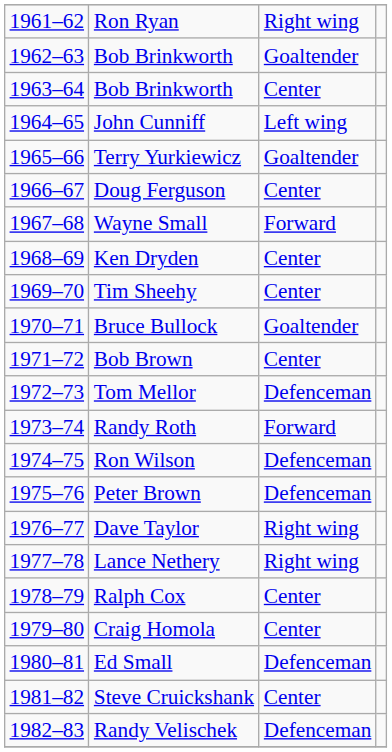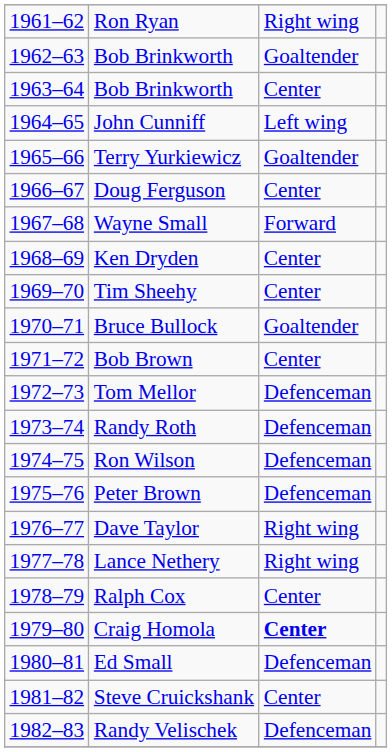 <table class="wikitable sortable">
 <tr>
 </tr>
 <tr>
 <td><a href='#'>1961–62</a></td>
 <td><a href='#'>Ron Ryan</a></td>
 <td><a href='#'>Right wing</a></td>
 <td><strong><a href='#'></a></strong></td>
 </tr>
 <tr>
 <td><a href='#'>1962–63</a></td>
 <td><a href='#'>Bob Brinkworth</a></td>
 <td><a href='#'>Goaltender</a></td>
 <td><strong><a href='#'></a></strong></td>
 </tr>
 <tr>
 <td><a href='#'>1963–64</a></td>
 <td><a href='#'>Bob Brinkworth</a></td>
 <td><a href='#'>Center</a></td>
 <td><strong><a href='#'></a></strong></td>
 </tr>
 <tr>
 <td><a href='#'>1964–65</a></td>
 <td><a href='#'>John Cunniff</a></td>
 <td><a href='#'>Left wing</a></td>
 <td><strong><a href='#'></a></strong></td>
 </tr>
 <tr>
 <td><a href='#'>1965–66</a></td>
 <td><a href='#'>Terry Yurkiewicz</a></td>
 <td><a href='#'>Goaltender</a></td>
 <td><strong><a href='#'></a></strong></td>
 </tr>
 <tr>
 <td><a href='#'>1966–67</a></td>
 <td><a href='#'>Doug Ferguson</a></td>
 <td><a href='#'>Center</a></td>
 <td><strong><a href='#'></a></strong></td>
 </tr>
 <tr>
 <td><a href='#'>1967–68</a></td>
 <td><a href='#'>Wayne Small</a></td>
 <td><a href='#'>Forward</a></td>
 <td><strong><a href='#'></a></strong></td>
 </tr>
 <tr>
 <td><a href='#'>1968–69</a></td>
 <td><a href='#'>Ken Dryden</a></td>
 <td><a href='#'>Center</a></td>
 <td><strong><a href='#'></a></strong></td>
 </tr>
 <tr>
 <td><a href='#'>1969–70</a></td>
 <td><a href='#'>Tim Sheehy</a></td>
 <td><a href='#'>Center</a></td>
 <td><strong><a href='#'></a></strong></td>
 </tr>
 <tr>
 <td><a href='#'>1970–71</a></td>
 <td><a href='#'>Bruce Bullock</a></td>
 <td><a href='#'>Goaltender</a></td>
 <td><strong><a href='#'></a></strong></td>
 </tr>
 <tr>
 <td><a href='#'>1971–72</a></td>
 <td><a href='#'>Bob Brown</a></td>
 <td><a href='#'>Center</a></td>
 <td><strong><a href='#'></a></strong></td>
 </tr>
 <tr>
 <td><a href='#'>1972–73</a></td>
 <td><a href='#'>Tom Mellor</a></td>
 <td><a href='#'>Defenceman</a></td>
 <td><strong><a href='#'></a></strong></td>
 </tr>
 <tr>
 <td><a href='#'>1973–74</a></td>
 <td><a href='#'>Randy Roth</a></td>
-<td><a href='#'>Forward</a></td>
+<td><a href='#'>Defenceman</a></td>
 <td><strong><a href='#'></a></strong></td>
 </tr>
 <tr>
 <td><a href='#'>1974–75</a></td>
 <td><a href='#'>Ron Wilson</a></td>
 <td><a href='#'>Defenceman</a></td>
 <td><strong><a href='#'></a></strong></td>
 </tr>
 <tr>
 <td><a href='#'>1975–76</a></td>
 <td><a href='#'>Peter Brown</a></td>
 <td><a href='#'>Defenceman</a></td>
 <td><strong><a href='#'></a></strong></td>
 </tr>
 <tr>
 <td><a href='#'>1976–77</a></td>
 <td><a href='#'>Dave Taylor</a></td>
 <td><a href='#'>Right wing</a></td>
 <td><strong><a href='#'></a></strong></td>
 </tr>
 <tr>
 <td><a href='#'>1977–78</a></td>
 <td><a href='#'>Lance Nethery</a></td>
 <td><a href='#'>Right wing</a></td>
 <td><strong><a href='#'></a></strong></td>
 </tr>
 <tr>
 <td><a href='#'>1978–79</a></td>
 <td><a href='#'>Ralph Cox</a></td>
 <td><a href='#'>Center</a></td>
 <td><strong><a href='#'></a></strong></td>
 </tr>
 <tr>
 <td><a href='#'>1979–80</a></td>
 <td><a href='#'>Craig Homola</a></td>
-<td><a href='#'>Center</a></td>
+<td><strong><a href='#'>Center</a></strong></td>
 <td><strong><a href='#'></a></strong></td>
 </tr>
 <tr>
 <td><a href='#'>1980–81</a></td>
 <td><a href='#'>Ed Small</a></td>
 <td><a href='#'>Defenceman</a></td>
 <td><strong><a href='#'></a></strong></td>
 </tr>
 <tr>
 <td><a href='#'>1981–82</a></td>
 <td><a href='#'>Steve Cruickshank</a></td>
 <td><a href='#'>Center</a></td>
 <td><strong><a href='#'></a></strong></td>
 </tr>
 <tr>
 <td><a href='#'>1982–83</a></td>
 <td><a href='#'>Randy Velischek</a></td>
 <td><a href='#'>Defenceman</a></td>
 <td><strong><a href='#'></a></strong></td>
 </tr>
 <tr>
 </tr>
 </table>
